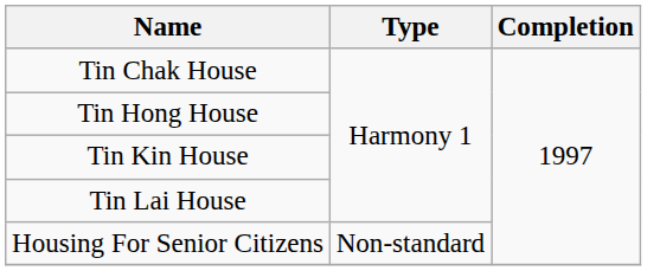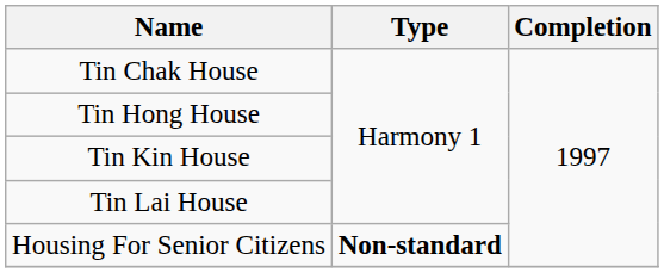 <table class="wikitable" style="text-align: center">
 <tr>
 <th>Name</th>
 <th>Type</th>
 <th>Completion</th>
 </tr>
 <tr>
 <td>Tin Chak House</td>
 <td rowspan="4">Harmony 1</td>
 <td rowspan="5">1997</td>
 </tr>
 <tr>
 <td>Tin Hong House</td>
 </tr>
 <tr>
 <td>Tin Kin House</td>
 </tr>
 <tr>
 <td>Tin Lai House</td>
 </tr>
 <tr>
 <td>Housing For Senior Citizens</td>
-<td rowspan="1">Non-standard</td>
+<td rowspan="1"><strong>Non-standard</strong></td>
 </tr>
 <tr>
 </tr>
 </table>
